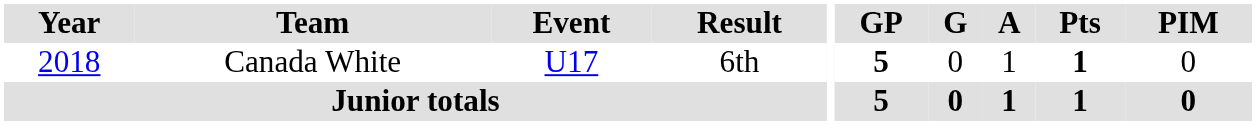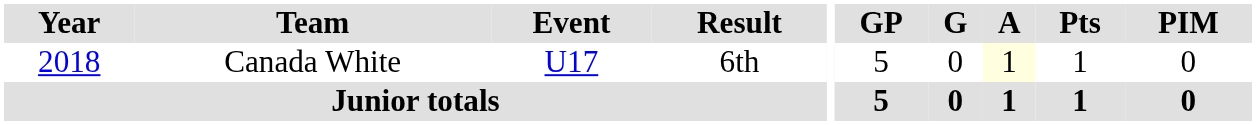 <table border="0" cellpadding="1" cellspacing="0" ID="Table3" style="text-align:center; width:40em">
 <tr bgcolor="#e0e0e0">
 <th>Year</th>
 <th>Team</th>
 <th>Event</th>
 <th>Result</th>
 <th rowspan="99" bgcolor="#ffffff"></th>
 <th>GP</th>
 <th>G</th>
 <th>A</th>
 <th>Pts</th>
 <th>PIM</th>
 </tr>
 <tr>
 <td><a href='#'>2018</a></td>
 <td>Canada White</td>
 <td><a href='#'>U17</a></td>
 <td>6th</td>
-<td><strong>5</strong></td>
+<td>5</td>
 <td>0</td>
+<td style="background: lightyellow;">1</td>
 <td>1</td>
-<td><strong>1</strong></td>
 <td>0</td>
 </tr>
 <tr bgcolor="#e0e0e0">
 <th colspan="4">Junior totals</th>
 <th>5</th>
 <th>0</th>
 <th>1</th>
 <th>1</th>
 <th>0</th>
 </tr>
 </table>
